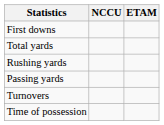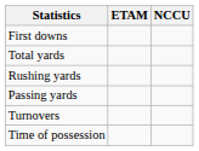 <table class="wikitable" style="float:left">
 <tr>
 <th>Statistics</th>
+<th>ETAM</th>
 <th>NCCU</th>
-<th>ETAM</th>
 </tr>
 <tr>
 <td>First downs</td>
 <td></td>
 <td></td>
 </tr>
 <tr>
 <td>Total yards</td>
 <td></td>
 <td></td>
 </tr>
 <tr>
 <td>Rushing yards</td>
 <td></td>
 <td></td>
 </tr>
 <tr>
 <td>Passing yards</td>
 <td></td>
 <td></td>
 </tr>
 <tr>
 <td>Turnovers</td>
 <td></td>
 <td></td>
 </tr>
 <tr>
 <td>Time of possession</td>
 <td></td>
 <td></td>
 </tr>
 </table>
